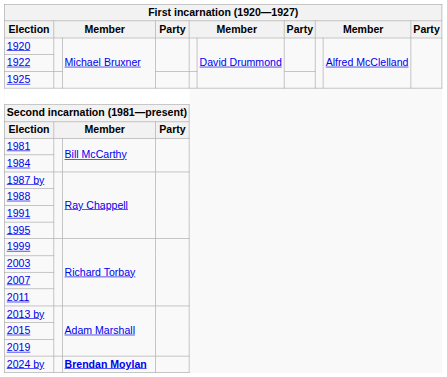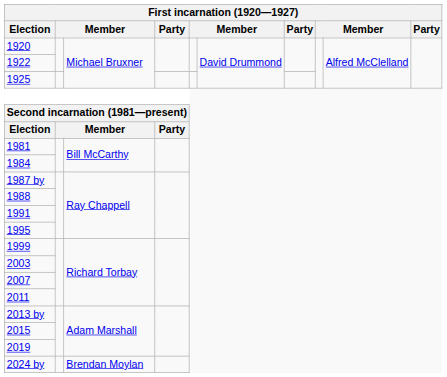 <table class="wikitable" style='border-style: none none none none;'>
 <tr>
 <th colspan="10">First incarnation (1920—1927)</th>
 </tr>
 <tr>
 <th>Election</th>
 <th colspan="2">Member</th>
 <th>Party</th>
 <th colspan="2">Member</th>
 <th>Party</th>
 <th colspan="2">Member</th>
 <th>Party</th>
 </tr>
 <tr style="background: #f9f9f9">
 <td><a href='#'>1920</a></td>
 <td rowspan="2" > </td>
 <td rowspan="3"><a href='#'>Michael Bruxner</a></td>
 <td rowspan="2"></td>
 <td rowspan="2" > </td>
 <td rowspan="3"><a href='#'>David Drummond</a></td>
 <td rowspan="2"></td>
 <td rowspan="3" > </td>
 <td rowspan="3"><a href='#'>Alfred McClelland</a></td>
 <td rowspan="3"></td>
 </tr>
 <tr style="background: #f9f9f9">
 <td><a href='#'>1922</a></td>
 </tr>
 <tr style="background: #f9f9f9">
 <td><a href='#'>1925</a></td>
 <td> </td>
 <td></td>
 <td> </td>
 <td></td>
 </tr>
 <tr>
 <td colspan="4" style='background: #FFFFFF; border-style: none none none none;'> </td>
 </tr>
 <tr>
 <th colspan="4">Second incarnation (1981—present)</th>
 </tr>
 <tr>
 <th>Election</th>
 <th colspan="2">Member</th>
 <th>Party</th>
 </tr>
 <tr style="background: #f9f9f9">
 <td><a href='#'>1981</a></td>
 <td rowspan="2" > </td>
 <td rowspan="2"><a href='#'>Bill McCarthy</a></td>
 <td rowspan="2"></td>
 </tr>
 <tr style="background: #f9f9f9">
 <td><a href='#'>1984</a></td>
 </tr>
 <tr style="background: #f9f9f9">
 <td><a href='#'>1987 by</a></td>
 <td rowspan="4" > </td>
 <td rowspan="4"><a href='#'>Ray Chappell</a></td>
 <td rowspan="4"></td>
 </tr>
 <tr style="background: #f9f9f9">
 <td><a href='#'>1988</a></td>
 </tr>
 <tr style="background: #f9f9f9">
 <td><a href='#'>1991</a></td>
 </tr>
 <tr style="background: #f9f9f9">
 <td><a href='#'>1995</a></td>
 </tr>
 <tr style="background: #f9f9f9">
 <td><a href='#'>1999</a></td>
 <td rowspan="4" > </td>
 <td rowspan="4"><a href='#'>Richard Torbay</a></td>
 <td rowspan="4"></td>
 </tr>
 <tr style="background: #f9f9f9">
 <td><a href='#'>2003</a></td>
 </tr>
 <tr style="background: #f9f9f9">
 <td><a href='#'>2007</a></td>
 </tr>
 <tr style="background: #f9f9f9">
 <td><a href='#'>2011</a></td>
 </tr>
 <tr style="background: #f9f9f9">
 <td><a href='#'>2013 by</a></td>
 <td rowspan="3" > </td>
 <td rowspan="3"><a href='#'>Adam Marshall</a></td>
 <td rowspan="3"></td>
 </tr>
 <tr style="background: #f9f9f9">
 <td><a href='#'>2015</a></td>
 </tr>
 <tr style="background: #f9f9f9">
 <td><a href='#'>2019</a></td>
 </tr>
 <tr style="background: #f9f9f9">
 <td><a href='#'>2024 by</a></td>
 <td> </td>
-<td><strong><a href='#'>Brendan Moylan</a></strong></td>
+<td><a href='#'>Brendan Moylan</a></td>
 <td></td>
 </tr>
 </table>
